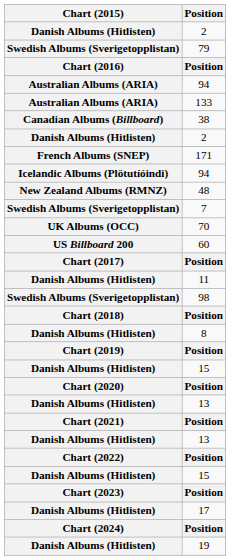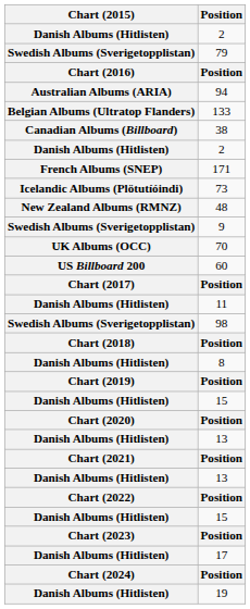 <table class="wikitable sortable plainrowheaders" style="text-align:center">
 <tr>
 <th scope="col">Chart (2015)</th>
 <th scope="col">Position</th>
 </tr>
 <tr>
 <th scope="row">Danish Albums (Hitlisten)</th>
 <td>2</td>
 </tr>
 <tr>
 <th scope="row">Swedish Albums (Sverigetopplistan)</th>
 <td>79</td>
 </tr>
 <tr>
 <th scope="col">Chart (2016)</th>
 <th scope="col">Position</th>
 </tr>
 <tr>
 <th scope="row">Australian Albums (ARIA)</th>
 <td>94</td>
 </tr>
 <tr>
-<th scope="row">Australian Albums (ARIA)</th>
+<th scope="row">Belgian Albums (Ultratop Flanders)</th>
 <td>133</td>
 </tr>
 <tr>
 <th scope="row">Canadian Albums (<em>Billboard</em>)</th>
 <td>38</td>
 </tr>
 <tr>
 <th scope="row">Danish Albums (Hitlisten)</th>
 <td>2</td>
 </tr>
 <tr>
 <th scope="row">French Albums (SNEP)</th>
 <td>171</td>
 </tr>
 <tr>
 <th scope="row">Icelandic Albums (Plötutíóindi)</th>
-<td>94</td>
+<td>73</td>
 </tr>
 <tr>
 <th scope="row">New Zealand Albums (RMNZ)</th>
 <td>48</td>
 </tr>
 <tr>
 <th scope="row">Swedish Albums (Sverigetopplistan)</th>
-<td>7</td>
+<td>9</td>
 </tr>
 <tr>
 <th scope="row">UK Albums (OCC)</th>
 <td>70</td>
 </tr>
 <tr>
 <th scope="row">US <em>Billboard</em> 200</th>
 <td>60</td>
 </tr>
 <tr>
 <th scope="col">Chart (2017)</th>
 <th scope="col">Position</th>
 </tr>
 <tr>
 <th scope="row">Danish Albums (Hitlisten)</th>
 <td>11</td>
 </tr>
 <tr>
 <th scope="row">Swedish Albums (Sverigetopplistan)</th>
 <td>98</td>
 </tr>
 <tr>
 <th scope="col">Chart (2018)</th>
 <th scope="col">Position</th>
 </tr>
 <tr>
 <th scope="row">Danish Albums (Hitlisten)</th>
 <td>8</td>
 </tr>
 <tr>
 <th scope="col">Chart (2019)</th>
 <th scope="col">Position</th>
 </tr>
 <tr>
 <th scope="row">Danish Albums (Hitlisten)</th>
 <td>15</td>
 </tr>
 <tr>
 <th scope="col">Chart (2020)</th>
 <th scope="col">Position</th>
 </tr>
 <tr>
 <th scope="row">Danish Albums (Hitlisten)</th>
 <td>13</td>
 </tr>
 <tr>
 <th scope="col">Chart (2021)</th>
 <th scope="col">Position</th>
 </tr>
 <tr>
 <th scope="row">Danish Albums (Hitlisten)</th>
 <td>13</td>
 </tr>
 <tr>
 <th scope="col">Chart (2022)</th>
 <th scope="col">Position</th>
 </tr>
 <tr>
 <th scope="row">Danish Albums (Hitlisten)</th>
 <td>15</td>
 </tr>
 <tr>
 <th scope="col">Chart (2023)</th>
 <th scope="col">Position</th>
 </tr>
 <tr>
 <th scope="row">Danish Albums (Hitlisten)</th>
 <td>17</td>
 </tr>
 <tr>
 <th scope="col">Chart (2024)</th>
 <th scope="col">Position</th>
 </tr>
 <tr>
 <th scope="row">Danish Albums (Hitlisten)</th>
 <td>19</td>
 </tr>
 </table>
